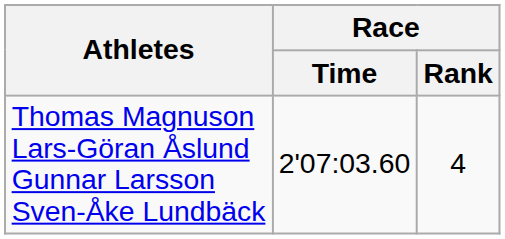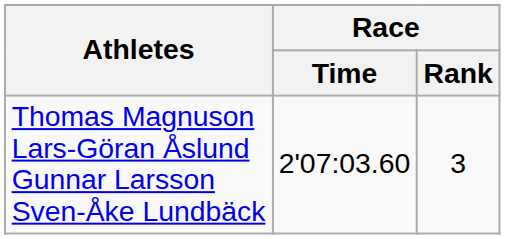 <table class="wikitable" border="1" style="font-size:90%">
 <tr>
 <th rowspan=2>Athletes</th>
 <th colspan=2>Race</th>
 </tr>
 <tr>
 <th>Time</th>
 <th>Rank</th>
 </tr>
 <tr>
 <td><a href='#'>Thomas Magnuson</a><br><a href='#'>Lars-Göran Åslund</a><br><a href='#'>Gunnar Larsson</a><br><a href='#'>Sven-Åke Lundbäck</a></td>
 <td align=center>2'07:03.60</td>
-<td align=center>4</td>
+<td align=center>3</td>
 </tr>
 </table>
